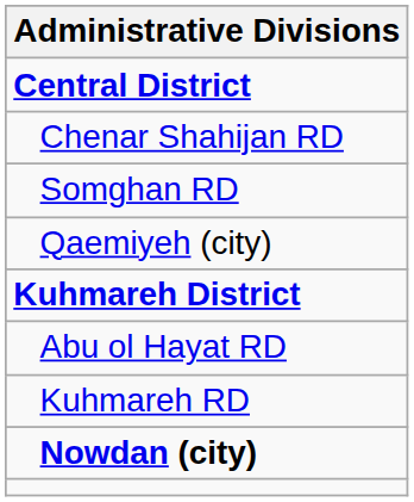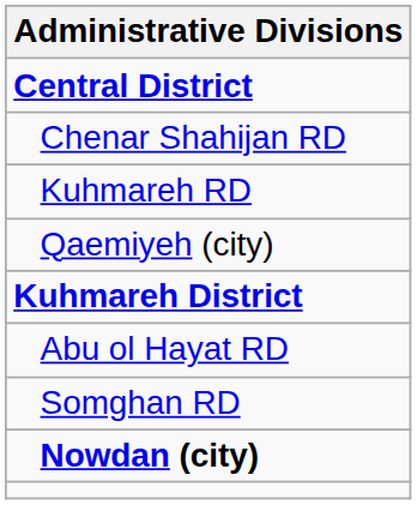 <table class="wikitable">
 <tr>
 <th>Administrative Divisions</th>
 </tr>
 <tr>
 <td><strong><a href='#'>Central District</a></strong></td>
 </tr>
 <tr>
 <td style="padding-left: 1em;"><a href='#'>Chenar Shahijan RD</a></td>
 </tr>
 <tr>
-<td style="padding-left: 1em;"><a href='#'>Somghan RD</a></td>
+<td style="padding-left: 1em;"><a href='#'>Kuhmareh RD</a></td>
 </tr>
 <tr>
 <td style="padding-left: 1em;"><a href='#'>Qaemiyeh</a> (city)</td>
 </tr>
 <tr>
 <td><strong><a href='#'>Kuhmareh District</a></strong></td>
 </tr>
 <tr>
 <td style="padding-left: 1em;"><a href='#'>Abu ol Hayat RD</a></td>
 </tr>
 <tr>
-<td style="padding-left: 1em;"><a href='#'>Kuhmareh RD</a></td>
+<td style="padding-left: 1em;"><a href='#'>Somghan RD</a></td>
 </tr>
 <tr>
 <td style="padding-left: 1em;"><strong><a href='#'>Nowdan</a> (city)</strong></td>
 </tr>
 <tr>
 <td colspan=1></td>
 </tr>
 </table>
